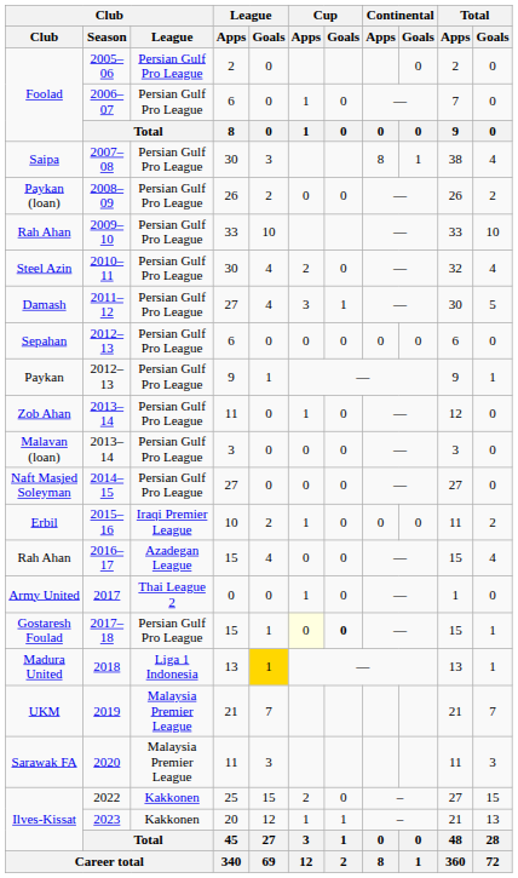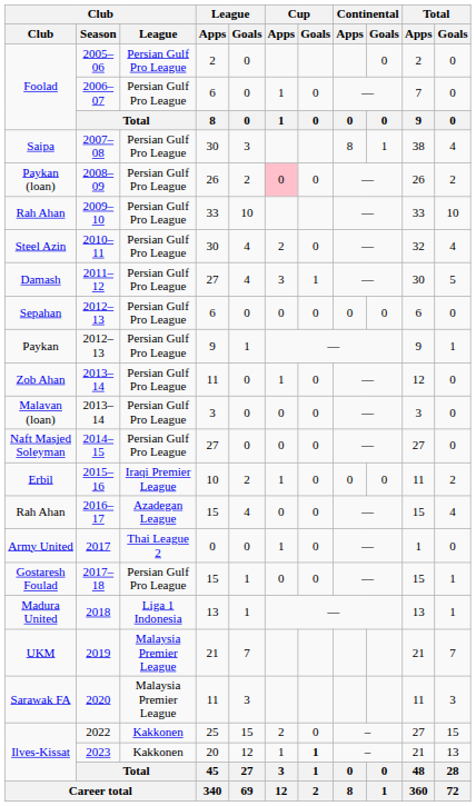 <table class="wikitable" style="text-align:center">
 <tr>
 <th colspan=3>Club</th>
 <th colspan=2>League</th>
 <th colspan=2>Cup</th>
 <th colspan=2>Continental</th>
 <th colspan=2>Total</th>
 </tr>
 <tr>
 <th>Club</th>
 <th>Season</th>
 <th>League</th>
 <th>Apps</th>
 <th>Goals</th>
 <th>Apps</th>
 <th>Goals</th>
 <th>Apps</th>
 <th>Goals</th>
 <th>Apps</th>
 <th>Goals</th>
 </tr>
 <tr>
 <td rowspan="3"><a href='#'>Foolad</a></td>
 <td><a href='#'>2005–06</a></td>
 <td><a href='#'>Persian Gulf Pro League</a></td>
 <td>2</td>
 <td>0</td>
 <td></td>
 <td></td>
 <td></td>
 <td>0</td>
 <td>2</td>
 <td>0</td>
 </tr>
 <tr>
 <td><a href='#'>2006–07</a></td>
 <td>Persian Gulf Pro League</td>
 <td>6</td>
 <td>0</td>
 <td>1</td>
 <td>0</td>
 <td colspan=2>—</td>
 <td>7</td>
 <td>0</td>
 </tr>
 <tr>
 <th colspan=2>Total</th>
 <th>8</th>
 <th>0</th>
 <th>1</th>
 <th>0</th>
 <th>0</th>
 <th>0</th>
 <th>9</th>
 <th>0</th>
 </tr>
 <tr>
 <td><a href='#'>Saipa</a></td>
 <td><a href='#'>2007–08</a></td>
 <td>Persian Gulf Pro League</td>
 <td>30</td>
 <td>3</td>
 <td></td>
 <td></td>
 <td>8</td>
 <td>1</td>
 <td>38</td>
 <td>4</td>
 </tr>
 <tr>
 <td><a href='#'>Paykan</a> (loan)</td>
 <td><a href='#'>2008–09</a></td>
 <td>Persian Gulf Pro League</td>
 <td>26</td>
 <td>2</td>
-<td>0</td>
+<td style="background: pink;">0</td>
 <td>0</td>
 <td colspan=2>—</td>
 <td>26</td>
 <td>2</td>
 </tr>
 <tr>
 <td><a href='#'>Rah Ahan</a></td>
 <td><a href='#'>2009–10</a></td>
 <td>Persian Gulf Pro League</td>
 <td>33</td>
 <td>10</td>
 <td></td>
 <td></td>
 <td colspan=2>—</td>
 <td>33</td>
 <td>10</td>
 </tr>
 <tr>
 <td><a href='#'>Steel Azin</a></td>
 <td><a href='#'>2010–11</a></td>
 <td>Persian Gulf Pro League</td>
 <td>30</td>
 <td>4</td>
 <td>2</td>
 <td>0</td>
 <td colspan=2>—</td>
 <td>32</td>
 <td>4</td>
 </tr>
 <tr>
 <td><a href='#'>Damash</a></td>
 <td><a href='#'>2011–12</a></td>
 <td>Persian Gulf Pro League</td>
 <td>27</td>
 <td>4</td>
 <td>3</td>
 <td>1</td>
 <td colspan=2>—</td>
 <td>30</td>
 <td>5</td>
 </tr>
 <tr>
 <td><a href='#'>Sepahan</a></td>
 <td><a href='#'>2012–13</a></td>
 <td>Persian Gulf Pro League</td>
 <td>6</td>
 <td>0</td>
 <td>0</td>
 <td>0</td>
 <td>0</td>
 <td>0</td>
 <td>6</td>
 <td>0</td>
 </tr>
 <tr>
 <td>Paykan</td>
 <td>2012–13</td>
 <td>Persian Gulf Pro League</td>
 <td>9</td>
 <td>1</td>
 <td colspan=4>—</td>
 <td>9</td>
 <td>1</td>
 </tr>
 <tr>
 <td><a href='#'>Zob Ahan</a></td>
 <td><a href='#'>2013–14</a></td>
 <td>Persian Gulf Pro League</td>
 <td>11</td>
 <td>0</td>
 <td>1</td>
 <td>0</td>
 <td colspan=2>—</td>
 <td>12</td>
 <td>0</td>
 </tr>
 <tr>
 <td><a href='#'>Malavan</a> (loan)</td>
 <td>2013–14</td>
 <td>Persian Gulf Pro League</td>
 <td>3</td>
 <td>0</td>
 <td>0</td>
 <td>0</td>
 <td colspan=2>—</td>
 <td>3</td>
 <td>0</td>
 </tr>
 <tr>
 <td><a href='#'>Naft Masjed Soleyman</a></td>
 <td><a href='#'>2014–15</a></td>
 <td>Persian Gulf Pro League</td>
 <td>27</td>
 <td>0</td>
 <td>0</td>
 <td>0</td>
 <td colspan=2>—</td>
 <td>27</td>
 <td>0</td>
 </tr>
 <tr>
 <td><a href='#'>Erbil</a></td>
 <td><a href='#'>2015–16</a></td>
 <td><a href='#'>Iraqi Premier League</a></td>
 <td>10</td>
 <td>2</td>
 <td>1</td>
 <td>0</td>
 <td>0</td>
 <td>0</td>
 <td>11</td>
 <td>2</td>
 </tr>
 <tr>
 <td>Rah Ahan</td>
 <td><a href='#'>2016–17</a></td>
 <td><a href='#'>Azadegan League</a></td>
 <td>15</td>
 <td>4</td>
 <td>0</td>
 <td>0</td>
 <td colspan=2>—</td>
 <td>15</td>
 <td>4</td>
 </tr>
 <tr>
 <td><a href='#'>Army United</a></td>
 <td><a href='#'>2017</a></td>
 <td><a href='#'>Thai League 2</a></td>
 <td>0</td>
 <td>0</td>
 <td>1</td>
 <td>0</td>
 <td colspan=2>—</td>
 <td>1</td>
 <td>0</td>
 </tr>
 <tr>
 <td><a href='#'>Gostaresh Foulad</a></td>
 <td><a href='#'>2017–18</a></td>
 <td>Persian Gulf Pro League</td>
 <td>15</td>
 <td>1</td>
-<td style="background: lightyellow;">0</td>
-<td><strong>0</strong></td>
+<td>0</td>
+<td>0</td>
 <td colspan=2>—</td>
 <td>15</td>
 <td>1</td>
 </tr>
 <tr>
 <td><a href='#'>Madura United</a></td>
 <td><a href='#'>2018</a></td>
 <td><a href='#'>Liga 1 Indonesia</a></td>
 <td>13</td>
-<td style="background: gold;">1</td>
+<td>1</td>
 <td colspan=4>—</td>
 <td>13</td>
 <td>1</td>
 </tr>
 <tr>
 <td><a href='#'>UKM</a></td>
 <td><a href='#'>2019</a></td>
 <td><a href='#'>Malaysia Premier League</a></td>
 <td>21</td>
 <td>7</td>
 <td></td>
 <td></td>
 <td></td>
 <td></td>
 <td>21</td>
 <td>7</td>
 </tr>
 <tr>
 <td><a href='#'>Sarawak FA</a></td>
 <td><a href='#'>2020</a></td>
 <td>Malaysia Premier League</td>
 <td>11</td>
 <td>3</td>
 <td></td>
 <td></td>
 <td></td>
 <td></td>
 <td>11</td>
 <td>3</td>
 </tr>
 <tr>
 <td rowspan=3><a href='#'>Ilves-Kissat</a></td>
 <td>2022</td>
 <td><a href='#'>Kakkonen</a></td>
 <td>25</td>
 <td>15</td>
 <td>2</td>
 <td>0</td>
 <td colspan=2>–</td>
 <td>27</td>
 <td>15</td>
 </tr>
 <tr>
 <td><a href='#'>2023</a></td>
 <td>Kakkonen</td>
 <td>20</td>
 <td>12</td>
 <td>1</td>
-<td>1</td>
+<td><strong>1</strong></td>
 <td colspan=2>–</td>
 <td>21</td>
 <td>13</td>
 </tr>
 <tr>
 <th colspan=2>Total</th>
 <th>45</th>
 <th>27</th>
 <th>3</th>
 <th>1</th>
 <th>0</th>
 <th>0</th>
 <th>48</th>
 <th>28</th>
 </tr>
 <tr>
 <th colspan="3">Career total</th>
 <th>340</th>
 <th>69</th>
 <th>12</th>
 <th>2</th>
 <th>8</th>
 <th>1</th>
 <th>360</th>
 <th>72</th>
 </tr>
 </table>
